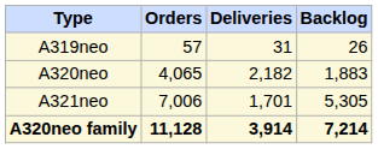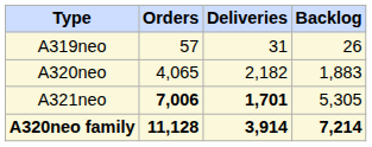 <table class="wikitable sortable" style="margin:1em 1em 1em 300; border:1px #aaa solid; background:#fbf8db;">
 <tr style="font-weight:bold; background:#ccddff; padding:0.4em;text-align:center;">
 <td>Type</td>
 <td>Orders</td>
 <td>Deliveries</td>
 <td>Backlog</td>
 </tr>
 <tr>
 <td style="text-align:center;">A319neo</td>
 <td style="text-align:right;">57</td>
 <td style="text-align:right;">31</td>
 <td style="text-align:right;">26</td>
 </tr>
 <tr>
 <td style="text-align:center;">A320neo</td>
 <td style="text-align:right;">4,065</td>
 <td style="text-align:right;">2,182</td>
 <td style="text-align:right;">1,883</td>
 </tr>
 <tr>
 <td style="text-align:center;">A321neo</td>
-<td style="text-align:right;">7,006</td>
-<td style="text-align:right;">1,701</td>
+<td style="text-align:right;"><strong>7,006</strong></td>
+<td style="text-align:right;"><strong>1,701</strong></td>
 <td style="text-align:right;">5,305</td>
 </tr>
 <tr>
 <td style="text-align:center;"><strong>A320neo family</strong></td>
 <td style="text-align:right;"><strong>11,128</strong></td>
 <td style="text-align:right;"><strong>3,914</strong></td>
 <td style="text-align:right;"><strong>7,214</strong></td>
 </tr>
 </table>
